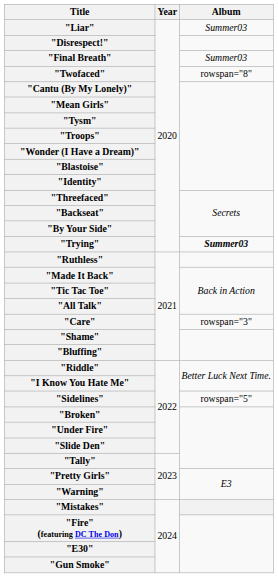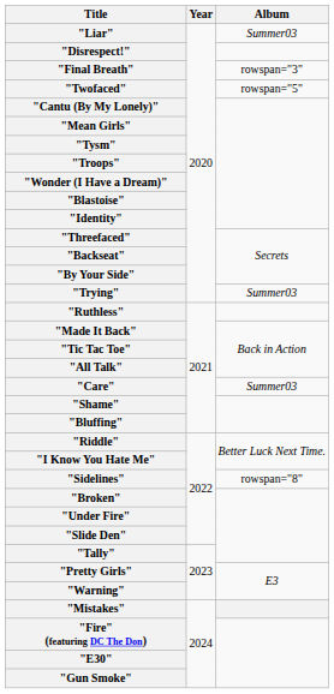 <table class="wikitable sortable mw-collapsible plainrowheaders" style="text-align:center;">
 <tr>
 <th scope="col" style="width:15em;">Title</th>
 <th scope="col">Year</th>
 <th scope="col">Album</th>
 </tr>
 <tr>
 <th scope="row">"Liar"</th>
 <td rowspan="15">2020</td>
 <td><em>Summer03</em></td>
 </tr>
 <tr>
 <th scope="row">"Disrespect!"</th>
 <td></td>
 </tr>
 <tr>
 <th scope="row">"Final Breath"</th>
-<td><em>Summer03</em></td>
+<td>rowspan="3" </td>
 </tr>
 <tr>
 <th scope="row">"Twofaced"</th>
-<td>rowspan="8" </td>
+<td>rowspan="5" </td>
 </tr>
 <tr>
 <th scope="row">"Cantu (By My Lonely)"</th>
 </tr>
 <tr>
 <th scope="row">"Mean Girls"</th>
 </tr>
 <tr>
 <th scope="row">"Tysm"</th>
 </tr>
 <tr>
 <th scope="row">"Troops"<br></th>
 </tr>
 <tr>
 <th scope="row">"Wonder (I Have a Dream)"</th>
 </tr>
 <tr>
 <th scope="row">"Blastoise"</th>
 </tr>
 <tr>
 <th scope="row">"Identity"</th>
 </tr>
 <tr>
 <th scope="row">"Threefaced"</th>
 <td rowspan="3"><em>Secrets</em></td>
 </tr>
 <tr>
 <th scope="row">"Backseat"<br></th>
 </tr>
 <tr>
 <th scope="row">"By Your Side"<br></th>
 </tr>
 <tr>
 <th scope="row">"Trying"</th>
-<td><strong><em>Summer03</em></strong></td>
+<td><em>Summer03</em></td>
 </tr>
 <tr>
 <th scope="row">"Ruthless"</th>
 <td rowspan="7">2021</td>
 <td></td>
 </tr>
 <tr>
 <th scope="row">"Made It Back"</th>
 <td rowspan="3"><em>Back in Action</em></td>
 </tr>
 <tr>
 <th scope="row">"Tic Tac Toe"</th>
 </tr>
 <tr>
 <th scope="row">"All Talk"</th>
 </tr>
 <tr>
 <th scope="row">"Care"</th>
-<td>rowspan="3" </td>
+<td><em>Summer03</em></td>
 </tr>
 <tr>
 <th scope="row">"Shame"</th>
 </tr>
 <tr>
 <th scope="row">"Bluffing"</th>
 </tr>
 <tr>
 <th scope="row">"Riddle"</th>
 <td rowspan="6">2022</td>
 <td rowspan="2"><em>Better Luck Next Time.</em></td>
 </tr>
 <tr>
 <th scope="row">"I Know You Hate Me"</th>
 </tr>
 <tr>
 <th scope="row">"Sidelines"</th>
-<td>rowspan="5" </td>
+<td>rowspan="8" </td>
 </tr>
 <tr>
 <th scope="row">"Broken"</th>
 </tr>
 <tr>
 <th scope="row">"Under Fire"</th>
 </tr>
 <tr>
 <th scope="row">"Slide Den"</th>
 </tr>
 <tr>
 <th scope="row">"Tally"<br></th>
 <td rowspan="3">2023</td>
 </tr>
 <tr>
 <th scope="row">"Pretty Girls"</th>
 <td rowspan="2"><em>E3</em></td>
 </tr>
 <tr>
 <th scope="row">"Warning"</th>
 </tr>
 <tr>
 <th scope="row">"Mistakes"<br></th>
 <td rowspan="4">2024</td>
 <th></th>
 </tr>
 <tr>
 <th scope="row">"Fire"<br>(<small>featuring <a href='#'>DC The Don</a></small>)</th>
 <td rowspan="3"><em></em></td>
 </tr>
 <tr>
 <th scope="row">"E30"</th>
 </tr>
 <tr>
 <th scope="row">"Gun Smoke"</th>
 </tr>
 </table>
